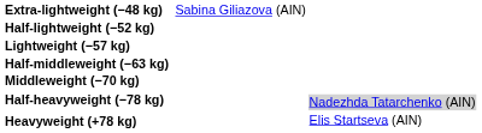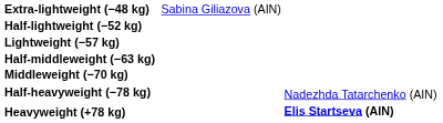 <table>
 <tr>
 <th rowspan=2 style="text-align:left;">Extra-lightweight (−48 kg)</th>
 <td rowspan=2></td>
 <td rowspan=2> <a href='#'>Sabina Giliazova</a> <span>(<abbr>AIN</abbr>)</span></td>
 <td></td>
 </tr>
 <tr>
 <td></td>
 </tr>
 <tr>
 <th rowspan=2 style="text-align:left;">Half-lightweight (−52 kg)</th>
 <td rowspan=2></td>
 <td rowspan=2></td>
 <td></td>
 </tr>
 <tr>
 <td></td>
 </tr>
 <tr>
 <th rowspan=2 style="text-align:left;">Lightweight (−57 kg)</th>
 <td rowspan=2></td>
 <td rowspan=2></td>
 <td></td>
 </tr>
 <tr>
 <td></td>
 </tr>
 <tr>
 <th rowspan=2 style="text-align:left;">Half-middleweight (−63 kg)</th>
 <td rowspan=2></td>
 <td rowspan=2></td>
 <td></td>
 </tr>
 <tr>
 <td></td>
 </tr>
 <tr>
 <th rowspan=2 style="text-align:left;">Middleweight (−70 kg)</th>
 <td rowspan=2></td>
 <td rowspan=2></td>
 <td></td>
 </tr>
 <tr>
 <td></td>
 </tr>
 <tr>
 <th rowspan=2 style="text-align:left;">Half-heavyweight (−78 kg)</th>
 <td rowspan=2></td>
 <td rowspan=2></td>
 <td></td>
 </tr>
 <tr>
-<td style="background: lightgrey;"> <a href='#'>Nadezhda Tatarchenko</a> <span>(<abbr>AIN</abbr>)</span></td>
+<td> <a href='#'>Nadezhda Tatarchenko</a> <span>(<abbr>AIN</abbr>)</span></td>
 </tr>
 <tr>
 <th rowspan=2 style="text-align:left;">Heavyweight (+78 kg)</th>
 <td rowspan=2></td>
 <td rowspan=2></td>
-<td> <a href='#'>Elis Startseva</a> <span>(<abbr>AIN</abbr>)</span></td>
+<td><strong> <a href='#'>Elis Startseva</a> <span>(<abbr>AIN</abbr>)</span></strong></td>
 </tr>
 <tr>
 <td></td>
 </tr>
 </table>
